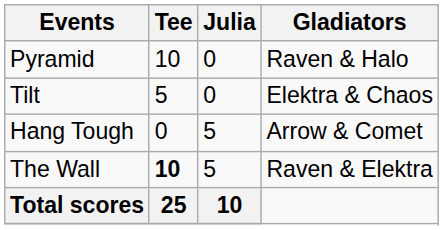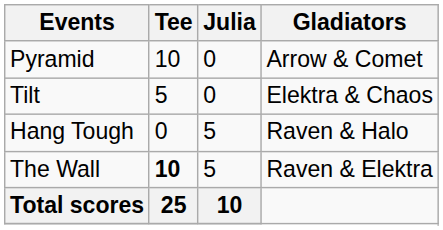 <table class="wikitable">
 <tr>
 <th>Events</th>
 <th>Tee</th>
 <th>Julia</th>
 <th>Gladiators</th>
 </tr>
 <tr>
 <td>Pyramid</td>
 <td>10</td>
 <td>0</td>
-<td>Raven & Halo</td>
+<td>Arrow & Comet</td>
 </tr>
 <tr>
 <td>Tilt</td>
 <td>5</td>
 <td>0</td>
 <td>Elektra & Chaos</td>
 </tr>
 <tr>
 <td>Hang Tough</td>
 <td>0</td>
 <td>5</td>
-<td>Arrow & Comet</td>
+<td>Raven & Halo</td>
 </tr>
 <tr>
 <td>The Wall</td>
 <td><strong>10</strong></td>
 <td>5</td>
 <td>Raven & Elektra</td>
 </tr>
 <tr>
 <th>Total scores</th>
 <th>25</th>
 <th>10</th>
 </tr>
 <tr>
 </tr>
 </table>
